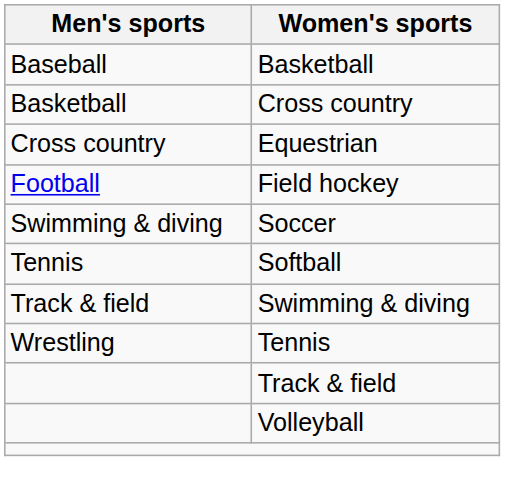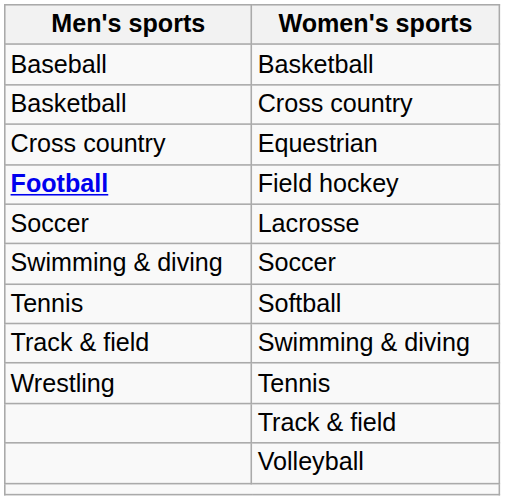 <table class="wikitable"; style= "text-align: ">
 <tr>
 <th width=150px>Men's sports</th>
 <th width=150px>Women's sports</th>
 </tr>
 <tr>
 <td>Baseball</td>
 <td>Basketball</td>
 </tr>
 <tr>
 <td>Basketball</td>
 <td>Cross country</td>
 </tr>
 <tr>
 <td>Cross country</td>
 <td>Equestrian</td>
 </tr>
 <tr>
-<td><a href='#'>Football</a></td>
+<td><strong><a href='#'>Football</a></strong></td>
 <td>Field hockey</td>
+</tr>
+<tr>
+<td>Soccer</td>
+<td>Lacrosse</td>
 </tr>
 <tr>
 <td>Swimming & diving</td>
 <td>Soccer</td>
 </tr>
 <tr>
 <td>Tennis</td>
 <td>Softball</td>
 </tr>
 <tr>
 <td>Track & field</td>
 <td>Swimming & diving</td>
 </tr>
 <tr>
 <td>Wrestling</td>
 <td>Tennis</td>
 </tr>
 <tr ice hockey>
 <td></td>
 <td>Track & field</td>
 </tr>
 <tr>
 <td></td>
 <td>Volleyball</td>
 </tr>
 <tr>
 <td colspan="2"></td>
 </tr>
 </table>
